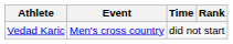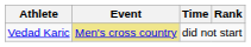 <table class="wikitable" style="font-size:90%">
 <tr>
 <th>Athlete</th>
 <th>Event</th>
 <th>Time</th>
 <th>Rank</th>
 </tr>
 <tr align=center>
 <td align=left><a href='#'>Vedad Karic</a></td>
-<td align=left><a href='#'>Men's cross country</a></td>
+<td align=left style="background: khaki;"><a href='#'>Men's cross country</a></td>
 <td colspan=2>did not start</td>
 </tr>
 </table>
